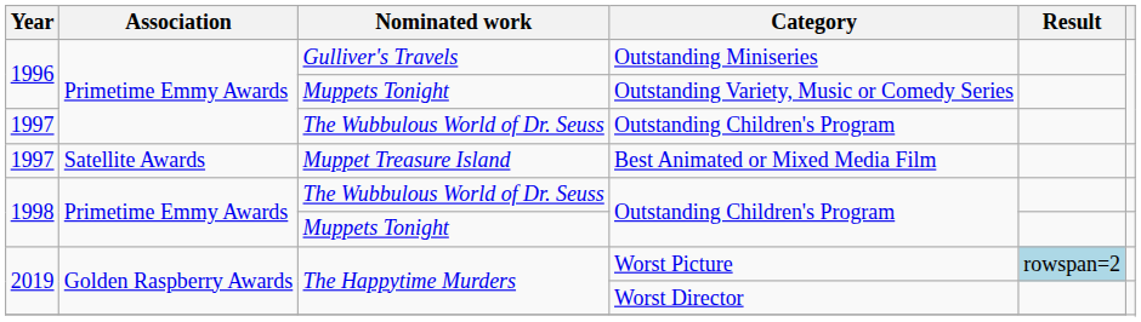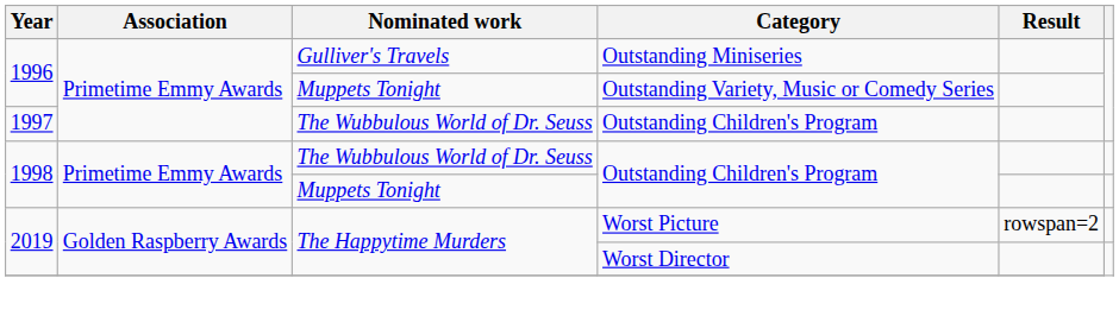 <table class="wikitable sortable">
 <tr>
 <th>Year</th>
 <th>Association</th>
 <th>Nominated work</th>
 <th>Category</th>
 <th>Result</th>
 <th scope="col" class="unsortable"></th>
 </tr>
 <tr>
 <td rowspan="2"><a href='#'>1996</a></td>
 <td rowspan="3"><a href='#'>Primetime Emmy Awards</a></td>
 <td><em><a href='#'>Gulliver's Travels</a></em></td>
 <td><a href='#'>Outstanding Miniseries</a></td>
 <td></td>
 <td style="text-align:center;" rowspan="3"></td>
 </tr>
 <tr>
 <td><em><a href='#'>Muppets Tonight</a></em></td>
 <td><a href='#'>Outstanding Variety, Music or Comedy Series</a></td>
 <td></td>
 </tr>
 <tr>
 <td><a href='#'>1997</a></td>
 <td><em><a href='#'>The Wubbulous World of Dr. Seuss</a></em></td>
 <td><a href='#'>Outstanding Children's Program</a></td>
 <td></td>
 </tr>
 <tr>
-<td><a href='#'>1997</a></td>
-<td><a href='#'>Satellite Awards</a></td>
-<td><em><a href='#'>Muppet Treasure Island</a></em></td>
-<td><a href='#'>Best Animated or Mixed Media Film</a></td>
-<td></td>
-<td style="text-align:center;"></td>
-</tr>
-<tr>
 <td rowspan="2"><a href='#'>1998</a></td>
 <td rowspan="2"><a href='#'>Primetime Emmy Awards</a></td>
 <td><em><a href='#'>The Wubbulous World of Dr. Seuss</a></em></td>
 <td rowspan="2"><a href='#'>Outstanding Children's Program</a></td>
 <td></td>
 <td style="text-align:center;"></td>
 </tr>
 <tr>
 <td><em><a href='#'>Muppets Tonight</a></em></td>
 <td></td>
 <td style="text-align:center;"></td>
 </tr>
 <tr>
 <td rowspan="2"><a href='#'>2019</a></td>
 <td rowspan="2"><a href='#'>Golden Raspberry Awards</a></td>
 <td rowspan="2"><em><a href='#'>The Happytime Murders</a></em></td>
 <td><a href='#'>Worst Picture</a></td>
-<td style="background: lightblue;">rowspan=2 </td>
+<td>rowspan=2 </td>
 <td></td>
 </tr>
 <tr>
 <td><a href='#'>Worst Director</a></td>
 <td></td>
 </tr>
 <tr>
 </tr>
 </table>
